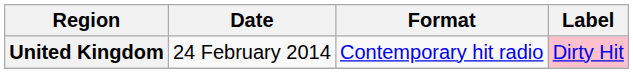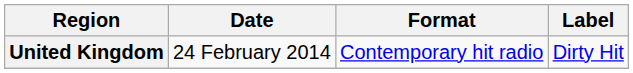 <table class="wikitable plainrowheaders">
 <tr>
 <th>Region</th>
 <th>Date</th>
 <th>Format</th>
 <th>Label</th>
 </tr>
 <tr>
 <th scope="row">United Kingdom</th>
 <td>24 February 2014</td>
 <td><a href='#'>Contemporary hit radio</a></td>
-<td style="background: pink;"><a href='#'>Dirty Hit</a></td>
+<td><a href='#'>Dirty Hit</a></td>
 </tr>
 <tr>
 </tr>
 </table>
